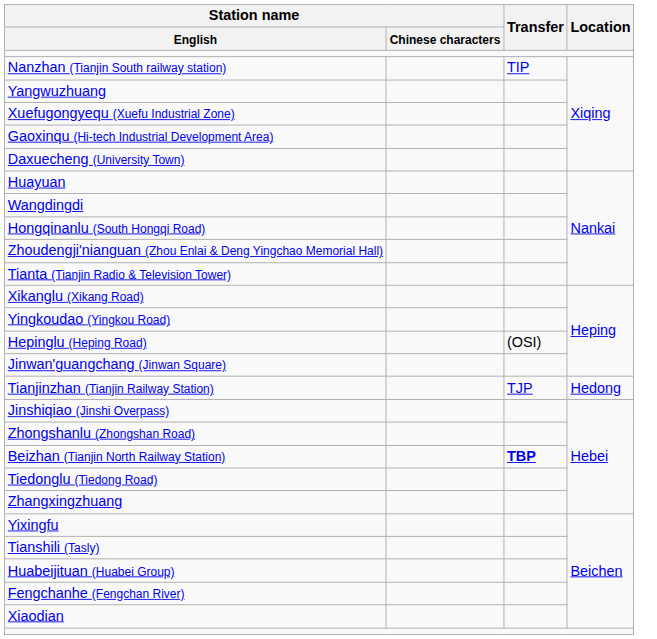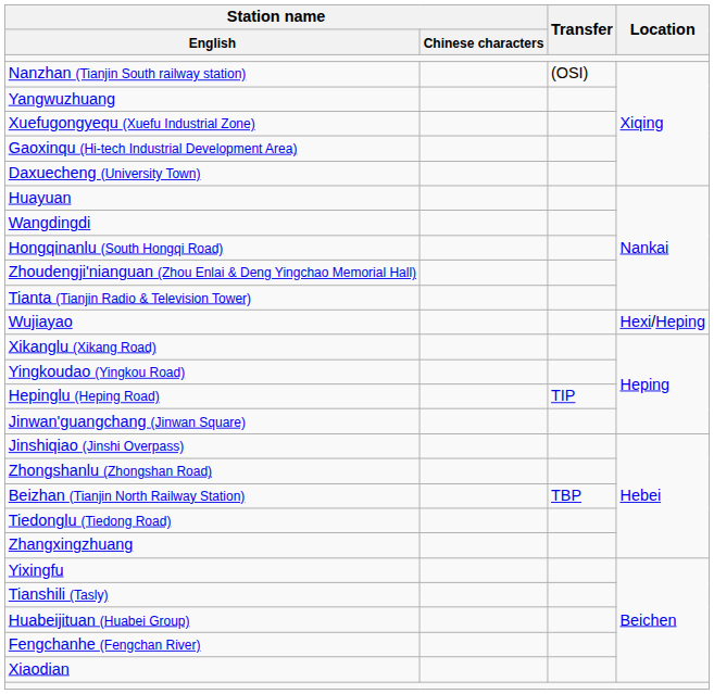 <table class="wikitable">
 <tr>
 <th colspan=2>Station name</th>
 <th rowspan=2>Transfer</th>
 <th rowspan=2>Location</th>
 </tr>
 <tr>
 <th><small>English</small></th>
 <th><small>Chinese characters</small></th>
 </tr>
 <tr style="background:#">
 <td colspan = "4"></td>
 </tr>
 <tr>
 <td><a href='#'>Nanzhan <small>(Tianjin South railway station)</small></a></td>
 <td><span></span></td>
-<td> <a href='#'>TIP</a></td>
+<td> (OSI)</td>
 <td rowspan="5"><a href='#'>Xiqing</a></td>
 </tr>
 <tr>
 <td><a href='#'>Yangwuzhuang</a></td>
 <td><span></span></td>
 <td></td>
 </tr>
 <tr>
 <td><a href='#'>Xuefugongyequ <small>(Xuefu Industrial Zone)</small></a></td>
 <td><span></span></td>
 <td></td>
 </tr>
 <tr>
 <td><a href='#'>Gaoxinqu <small>(Hi-tech Industrial Development Area)</small></a></td>
 <td><span></span></td>
 <td></td>
 </tr>
 <tr>
 <td><a href='#'>Daxuecheng <small>(University Town)</small></a></td>
 <td><span></span></td>
 <td></td>
 </tr>
 <tr>
 <td><a href='#'>Huayuan</a></td>
 <td><span></span></td>
 <td></td>
 <td rowspan="5"><a href='#'>Nankai</a></td>
 </tr>
 <tr>
 <td><a href='#'>Wangdingdi</a></td>
 <td><span></span></td>
 <td></td>
 </tr>
 <tr>
 <td><a href='#'>Hongqinanlu <small>(South Hongqi Road)</small></a></td>
 <td><span></span></td>
 <td></td>
 </tr>
 <tr>
 <td><a href='#'>Zhoudengji'nianguan <small>(Zhou Enlai & Deng Yingchao Memorial Hall)</small></a></td>
 <td><span></span></td>
 <td></td>
 </tr>
 <tr>
 <td><a href='#'>Tianta <small>(Tianjin Radio & Television Tower)</small></a></td>
 <td><span></span></td>
 <td></td>
 </tr>
 <tr>
+<td><a href='#'>Wujiayao</a></td>
+<td><span></span></td>
+<td></td>
+<td><a href='#'>Hexi</a>/<a href='#'>Heping</a></td>
+</tr>
+<tr>
 <td><a href='#'>Xikanglu <small>(Xikang Road)</small></a></td>
 <td><span></span></td>
 <td></td>
 <td rowspan="4"><a href='#'>Heping</a></td>
 </tr>
 <tr>
 <td><a href='#'>Yingkoudao <small>(Yingkou Road)</small></a></td>
 <td><span></span></td>
 <td></td>
 </tr>
 <tr>
 <td><a href='#'>Hepinglu <small>(Heping Road)</small></a></td>
 <td><span></span></td>
-<td> (OSI)</td>
+<td> <a href='#'>TIP</a></td>
 </tr>
 <tr>
 <td><a href='#'>Jinwan'guangchang <small>(Jinwan Square)</small></a></td>
 <td><span></span></td>
 <td></td>
-</tr>
-<tr>
-<td><a href='#'>Tianjinzhan <small>(Tianjin Railway Station)</small></a></td>
-<td><span></span></td>
-<td>   <a href='#'>TJP</a></td>
-<td><a href='#'>Hedong</a></td>
 </tr>
 <tr>
 <td><a href='#'>Jinshiqiao <small>(Jinshi Overpass)</small></a></td>
 <td><span></span></td>
 <td></td>
 <td rowspan="5"><a href='#'>Hebei</a></td>
 </tr>
 <tr>
 <td><a href='#'>Zhongshanlu <small>(Zhongshan Road)</small></a></td>
 <td><span></span></td>
 <td></td>
 </tr>
 <tr>
 <td><a href='#'>Beizhan <small>(Tianjin North Railway Station)</small></a></td>
 <td><span></span></td>
-<td><strong>  <a href='#'>TBP</a></strong></td>
+<td>  <a href='#'>TBP</a></td>
 </tr>
 <tr>
 <td><a href='#'>Tiedonglu <small>(Tiedong Road)</small></a></td>
 <td><span></span></td>
 <td></td>
 </tr>
 <tr>
 <td><a href='#'>Zhangxingzhuang</a></td>
 <td><span></span></td>
 <td></td>
 </tr>
 <tr>
 <td><a href='#'>Yixingfu</a></td>
 <td><span></span></td>
 <td></td>
 <td rowspan="5"><a href='#'>Beichen</a></td>
 </tr>
 <tr>
 <td><a href='#'>Tianshili <small>(Tasly)</small></a></td>
 <td><span></span></td>
 <td></td>
 </tr>
 <tr>
 <td><a href='#'>Huabeijituan <small>(Huabei Group)</small></a></td>
 <td><span></span></td>
 <td></td>
 </tr>
 <tr>
 <td><a href='#'>Fengchanhe <small>(Fengchan River)</small></a></td>
 <td><span></span></td>
 <td></td>
 </tr>
 <tr>
 <td><a href='#'>Xiaodian</a></td>
 <td><span></span></td>
 <td></td>
 </tr>
 <tr style="background:#">
 <td colspan = "4"></td>
 </tr>
 </table>
